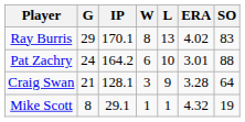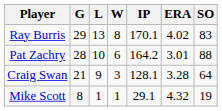 <table class="wikitable sortable">
 <tr>
 <th>Player</th>
 <th>G</th>
+<th>L</th>
+<th>W</th>
 <th>IP</th>
-<th>W</th>
-<th>L</th>
 <th>ERA</th>
 <th>SO</th>
 </tr>
 <tr style="text-align:center;">
 <td><a href='#'>Ray Burris</a></td>
 <td>29</td>
+<td>13</td>
+<td>8</td>
 <td>170.1</td>
-<td>8</td>
-<td>13</td>
 <td>4.02</td>
 <td>83</td>
 </tr>
 <tr align=center>
 <td><a href='#'>Pat Zachry</a></td>
-<td>24</td>
+<td>28</td>
+<td>10</td>
+<td>6</td>
 <td>164.2</td>
-<td>6</td>
-<td>10</td>
 <td>3.01</td>
 <td>88</td>
 </tr>
 <tr align=center>
 <td><a href='#'>Craig Swan</a></td>
 <td>21</td>
+<td>9</td>
+<td>3</td>
 <td>128.1</td>
-<td>3</td>
-<td>9</td>
 <td>3.28</td>
 <td>64</td>
 </tr>
 <tr align=center>
 <td><a href='#'>Mike Scott</a></td>
 <td>8</td>
-<td>29.1</td>
 <td>1</td>
 <td>1</td>
+<td>29.1</td>
 <td>4.32</td>
 <td>19</td>
 </tr>
 </table>
